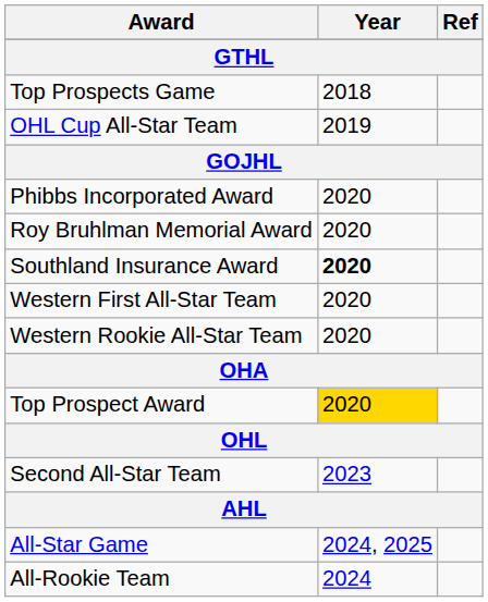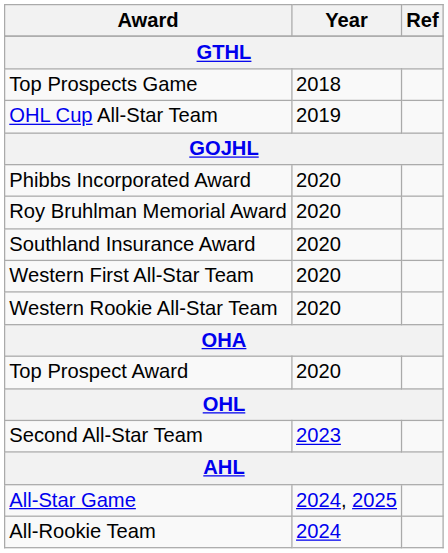 <table class="wikitable">
 <tr>
 <th>Award</th>
 <th>Year</th>
 <th>Ref</th>
 </tr>
 <tr>
 </tr>
 <tr>
 <th colspan="3"><a href='#'>GTHL</a></th>
 </tr>
 <tr>
 <td>Top Prospects Game</td>
 <td>2018</td>
 <td></td>
 </tr>
 <tr>
 <td><a href='#'>OHL Cup</a> All-Star Team</td>
 <td>2019</td>
 <td></td>
 </tr>
 <tr>
 <th colspan="3"><a href='#'>GOJHL</a></th>
 </tr>
 <tr>
 <td>Phibbs Incorporated Award</td>
 <td>2020</td>
 <td></td>
 </tr>
 <tr>
 <td>Roy Bruhlman Memorial Award</td>
 <td>2020</td>
 <td></td>
 </tr>
 <tr>
 <td>Southland Insurance Award</td>
-<td><strong>2020</strong></td>
+<td>2020</td>
 <td></td>
 </tr>
 <tr>
 <td>Western First All-Star Team</td>
 <td>2020</td>
 <td></td>
 </tr>
 <tr>
 <td>Western Rookie All-Star Team</td>
 <td>2020</td>
 <td></td>
 </tr>
 <tr>
 <th colspan="3"><a href='#'>OHA</a></th>
 </tr>
 <tr>
 <td>Top Prospect Award</td>
-<td style="background: gold;">2020</td>
+<td>2020</td>
 <td></td>
 </tr>
 <tr>
 <th colspan="3"><a href='#'>OHL</a></th>
 </tr>
 <tr>
 <td>Second All-Star Team</td>
 <td><a href='#'>2023</a></td>
 <td></td>
 </tr>
 <tr>
 <th colspan="3"><a href='#'>AHL</a></th>
 </tr>
 <tr>
 <td><a href='#'>All-Star Game</a></td>
 <td><a href='#'>2024</a>, <a href='#'>2025</a></td>
 <td></td>
 </tr>
 <tr>
 <td>All-Rookie Team</td>
 <td><a href='#'>2024</a></td>
 <td></td>
 </tr>
 </table>
